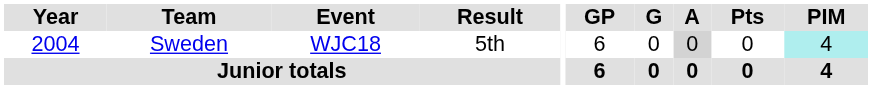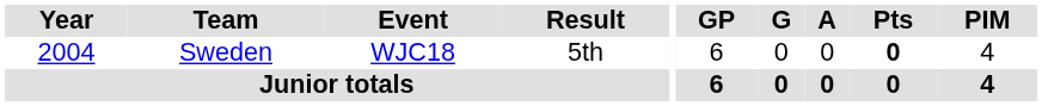 <table border="0" cellpadding="1" cellspacing="0" ID="Table3" style="text-align:center; width:40em">
 <tr ALIGN="center" bgcolor="#e0e0e0">
 <th>Year</th>
 <th>Team</th>
 <th>Event</th>
 <th>Result</th>
 <th rowspan="99" bgcolor="#ffffff"></th>
 <th>GP</th>
 <th>G</th>
 <th>A</th>
 <th>Pts</th>
 <th>PIM</th>
 </tr>
 <tr>
 <td><a href='#'>2004</a></td>
 <td><a href='#'>Sweden</a></td>
 <td><a href='#'>WJC18</a></td>
 <td>5th</td>
 <td>6</td>
 <td>0</td>
-<td style="background: lightgrey;">0</td>
 <td>0</td>
-<td style="background: paleturquoise;">4</td>
+<td><strong>0</strong></td>
+<td>4</td>
 </tr>
 <tr bgcolor="#e0e0e0">
 <th colspan="4">Junior totals</th>
 <th>6</th>
 <th>0</th>
 <th>0</th>
 <th>0</th>
 <th>4</th>
 </tr>
 </table>
